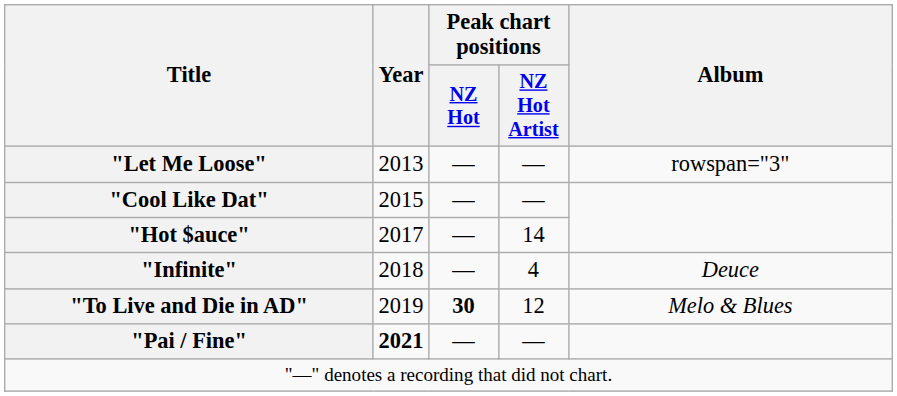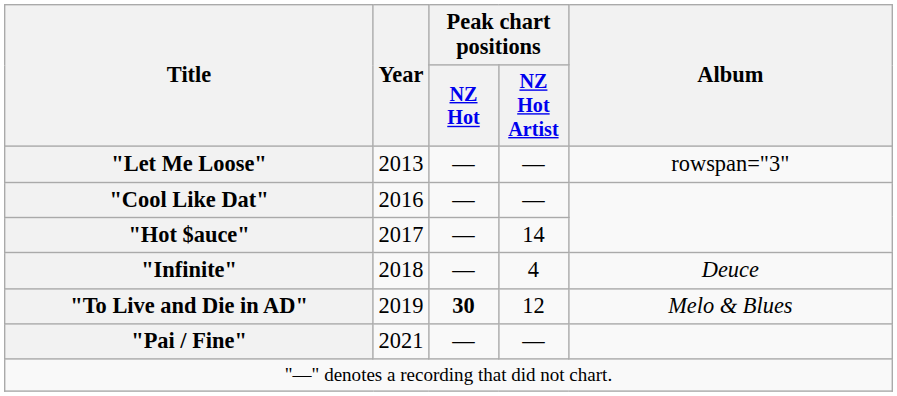 <table class="wikitable plainrowheaders" style="text-align:center;">
 <tr>
 <th scope="col" rowspan="2" style="width:16em;">Title</th>
 <th scope="col" rowspan="2" style="width:1em;">Year</th>
 <th scope="col" colspan="2">Peak chart positions</th>
 <th scope="col" rowspan="2" style="width:14em;">Album</th>
 </tr>
 <tr>
 <th scope="col" style="width:3em;font-size:90%;"><a href='#'>NZ<br>Hot</a><br></th>
 <th scope="col" style="width:3em;font-size:90%;"><a href='#'>NZ<br>Hot<br>Artist</a><br></th>
 </tr>
 <tr>
 <th scope="row">"Let Me Loose"<br></th>
 <td>2013</td>
 <td>—</td>
 <td>—</td>
 <td>rowspan="3" </td>
 </tr>
 <tr>
 <th scope="row">"Cool Like Dat"<br></th>
-<td>2015</td>
+<td>2016</td>
 <td>—</td>
 <td>—</td>
 </tr>
 <tr>
 <th scope="row">"Hot $auce"</th>
 <td>2017</td>
 <td>—</td>
 <td>14</td>
 </tr>
 <tr>
 <th scope="row">"Infinite"<br></th>
 <td>2018</td>
 <td>—</td>
 <td>4</td>
 <td><em>Deuce</em></td>
 </tr>
 <tr>
 <th scope="row">"To Live and Die in AD"<br></th>
 <td>2019</td>
 <td><strong>30</strong></td>
 <td>12</td>
 <td><em>Melo & Blues</em></td>
 </tr>
 <tr>
 <th scope="row">"Pai / Fine"</th>
-<td><strong>2021</strong></td>
+<td>2021</td>
 <td>—</td>
 <td>—</td>
 <td></td>
 </tr>
 <tr>
 <td colspan="8" style="font-size:85%;">"—" denotes a recording that did not chart.</td>
 </tr>
 </table>
